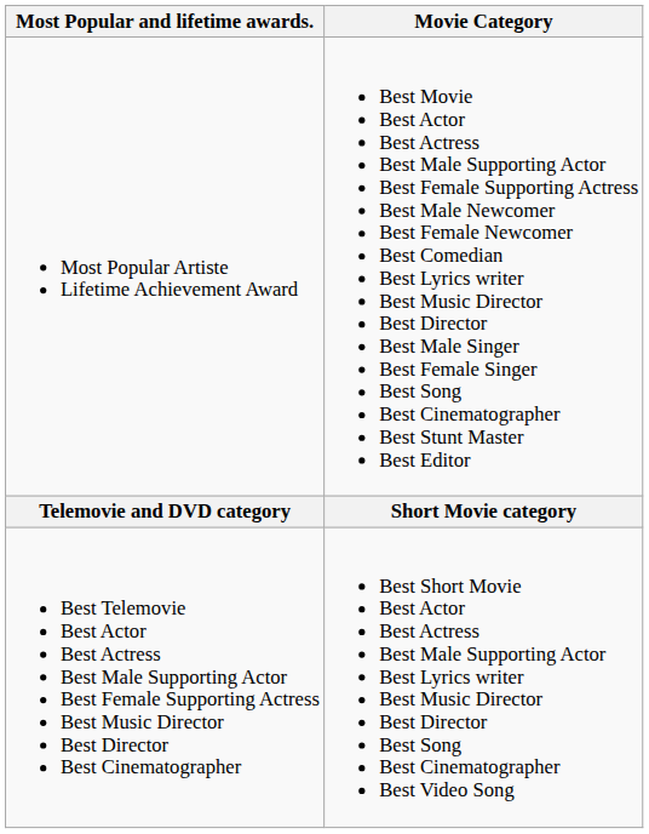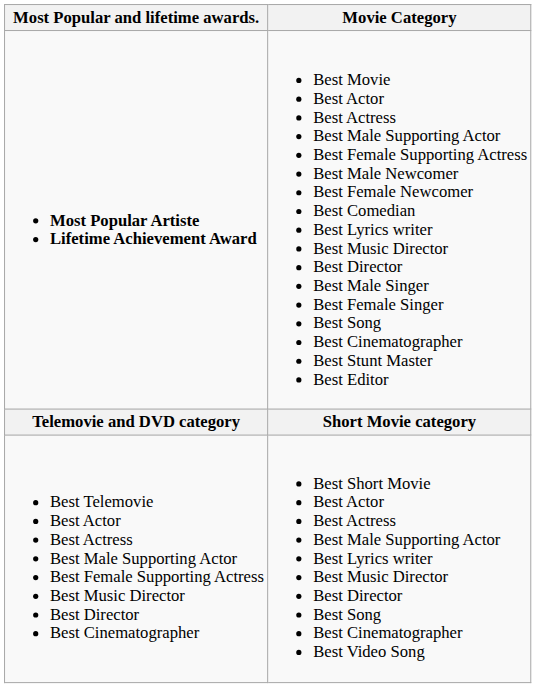 <table class="wikitable" |>
 <tr>
 <th align="center">Most Popular and lifetime awards.</th>
 <th align="center">Movie Category</th>
 </tr>
 <tr>
-<td><br><ul><li>Most Popular Artiste</li><li>Lifetime Achievement Award</li></ul></td>
+<td><strong><br><ul><li>Most Popular Artiste</li><li>Lifetime Achievement Award</li></ul></strong></td>
 <td><br><ul><li>Best Movie</li><li>Best Actor</li><li>Best Actress</li><li>Best Male Supporting Actor</li><li>Best Female Supporting Actress</li><li>Best Male Newcomer</li><li>Best Female Newcomer</li><li>Best Comedian</li><li>Best Lyrics writer</li><li>Best Music Director</li><li>Best Director</li><li>Best Male Singer</li><li>Best Female Singer</li><li>Best Song</li><li>Best Cinematographer</li><li>Best Stunt Master</li><li>Best Editor</li></ul></td>
 </tr>
 <tr>
 <th align="center">Telemovie and DVD category</th>
 <th align="center">Short Movie category</th>
 </tr>
 <tr>
 <td><br><ul><li>Best Telemovie</li><li>Best Actor</li><li>Best Actress</li><li>Best Male Supporting Actor</li><li>Best Female Supporting Actress</li><li>Best Music Director</li><li>Best Director</li><li>Best Cinematographer</li></ul></td>
 <td><br><ul><li>Best Short Movie</li><li>Best Actor</li><li>Best Actress</li><li>Best Male Supporting Actor</li><li>Best Lyrics writer</li><li>Best Music Director</li><li>Best Director</li><li>Best Song</li><li>Best Cinematographer</li><li>Best Video Song</li></ul></td>
 </tr>
 </table>
